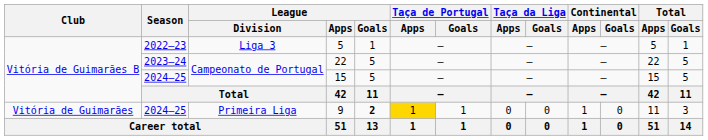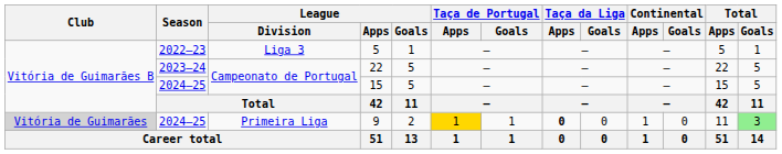 <table class="wikitable" style="text-align: center">
 <tr>
 <th rowspan="2">Club</th>
 <th rowspan="2">Season</th>
 <th colspan="3">League</th>
 <th colspan="2"><a href='#'>Taça de Portugal</a></th>
 <th colspan="2"><a href='#'>Taça da Liga</a></th>
 <th colspan="2">Continental</th>
 <th colspan="2">Total</th>
 </tr>
 <tr>
 <th>Division</th>
 <th>Apps</th>
 <th>Goals</th>
 <th>Apps</th>
 <th>Goals</th>
 <th>Apps</th>
 <th>Goals</th>
 <th>Apps</th>
 <th>Goals</th>
 <th>Apps</th>
 <th>Goals</th>
 </tr>
 <tr>
 <td rowspan=4><a href='#'>Vitória de Guimarães B</a></td>
 <td><a href='#'>2022–23</a></td>
 <td><a href='#'>Liga 3</a></td>
 <td>5</td>
 <td>1</td>
 <td colspan="2">–</td>
 <td colspan="2">–</td>
 <td colspan="2">–</td>
 <td>5</td>
 <td>1</td>
 </tr>
 <tr>
 <td><a href='#'>2023–24</a></td>
 <td rowspan=2><a href='#'>Campeonato de Portugal</a></td>
 <td>22</td>
 <td>5</td>
 <td colspan="2">–</td>
 <td colspan="2">–</td>
 <td colspan="2">–</td>
 <td>22</td>
 <td>5</td>
 </tr>
 <tr>
 <td><a href='#'>2024–25</a></td>
 <td>15</td>
 <td>5</td>
 <td colspan="2">–</td>
 <td colspan="2">–</td>
 <td colspan="2">–</td>
 <td>15</td>
 <td>5</td>
 </tr>
 <tr>
 <th colspan="2">Total</th>
 <th>42</th>
 <th>11</th>
 <th colspan="2">–</th>
 <th colspan="2">–</th>
 <th colspan="2">–</th>
 <th>42</th>
 <th>11</th>
 </tr>
 <tr>
-<td><a href='#'>Vitória de Guimarães</a></td>
+<td style="background: lightgrey;"><a href='#'>Vitória de Guimarães</a></td>
 <td><a href='#'>2024–25</a></td>
 <td><a href='#'>Primeira Liga</a></td>
 <td>9</td>
-<td><strong>2</strong></td>
+<td>2</td>
 <td style="background: gold;">1</td>
 <td>1</td>
-<td>0</td>
+<td><strong>0</strong></td>
 <td>0</td>
 <td>1</td>
 <td>0</td>
 <td>11</td>
-<td>3</td>
+<td style="background: lightgreen;">3</td>
 </tr>
 <tr>
 <th colspan="3">Career total</th>
 <th>51</th>
 <th>13</th>
 <th>1</th>
 <th>1</th>
 <th>0</th>
 <th>0</th>
 <th>1</th>
 <th>0</th>
 <th>51</th>
 <th>14</th>
 </tr>
 </table>
